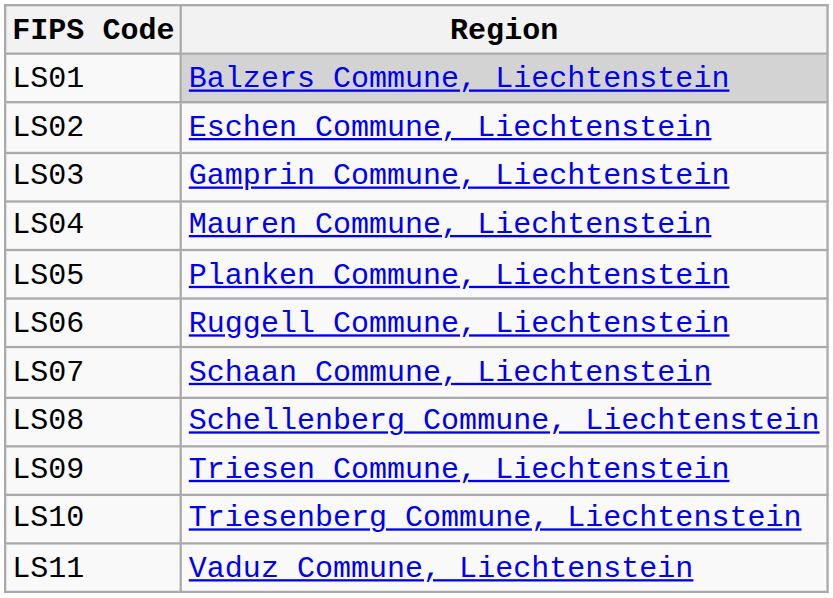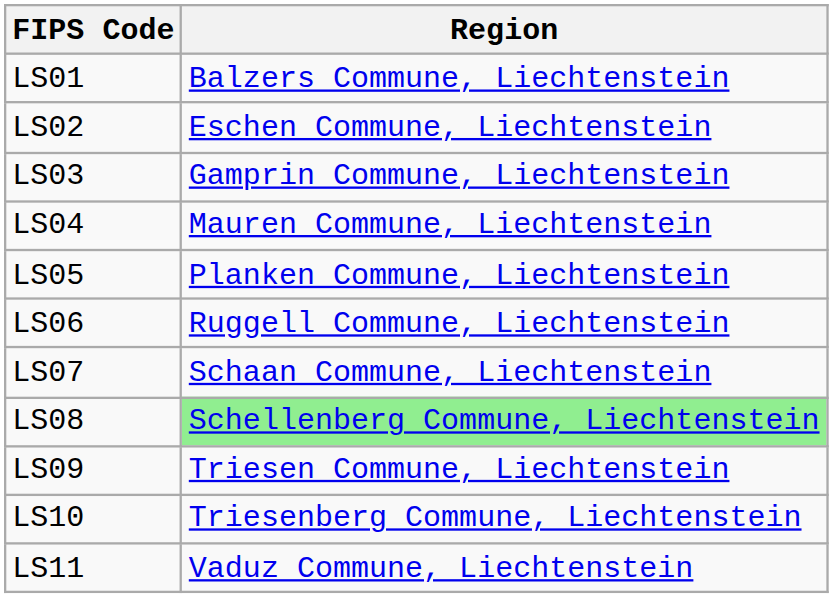 <table class="wikitable">
 <tr>
 <th>FIPS Code</th>
 <th>Region</th>
 </tr>
 <tr>
 <td>LS01</td>
-<td style="background: lightgrey;"><a href='#'>Balzers Commune, Liechtenstein</a></td>
+<td><a href='#'>Balzers Commune, Liechtenstein</a></td>
 </tr>
 <tr>
 <td>LS02</td>
 <td><a href='#'>Eschen Commune, Liechtenstein</a></td>
 </tr>
 <tr>
 <td>LS03</td>
 <td><a href='#'>Gamprin Commune, Liechtenstein</a></td>
 </tr>
 <tr>
 <td>LS04</td>
 <td><a href='#'>Mauren Commune, Liechtenstein</a></td>
 </tr>
 <tr>
 <td>LS05</td>
 <td><a href='#'>Planken Commune, Liechtenstein</a></td>
 </tr>
 <tr>
 <td>LS06</td>
 <td><a href='#'>Ruggell Commune, Liechtenstein</a></td>
 </tr>
 <tr>
 <td>LS07</td>
 <td><a href='#'>Schaan Commune, Liechtenstein</a></td>
 </tr>
 <tr>
 <td>LS08</td>
-<td><a href='#'>Schellenberg Commune, Liechtenstein</a></td>
+<td style="background: lightgreen;"><a href='#'>Schellenberg Commune, Liechtenstein</a></td>
 </tr>
 <tr>
 <td>LS09</td>
 <td><a href='#'>Triesen Commune, Liechtenstein</a></td>
 </tr>
 <tr>
 <td>LS10</td>
 <td><a href='#'>Triesenberg Commune, Liechtenstein</a></td>
 </tr>
 <tr>
 <td>LS11</td>
 <td><a href='#'>Vaduz Commune, Liechtenstein</a></td>
 </tr>
 </table>
